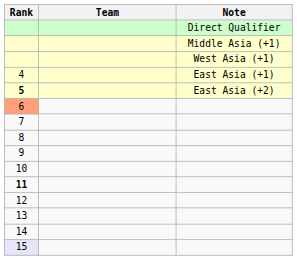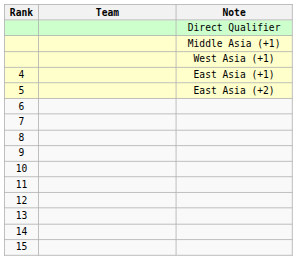 <table class="wikitable" style="text-align: center;">
 <tr>
 <th width=40>Rank</th>
 <th width=180>Team</th>
 <th width=150>Note</th>
 </tr>
 <tr bgcolor="#ccffcc">
 <td></td>
 <td align="left"></td>
 <td>Direct Qualifier</td>
 </tr>
 <tr bgcolor="#ffffcc">
 <td></td>
 <td align="left"></td>
 <td>Middle Asia (+1)</td>
 </tr>
 <tr bgcolor="#ffffcc">
 <td></td>
 <td align="left"></td>
 <td>West Asia (+1)</td>
 </tr>
 <tr bgcolor="#ffffcc">
 <td>4</td>
 <td align="left"></td>
 <td>East Asia (+1)</td>
 </tr>
 <tr bgcolor="#ffffcc">
-<td><strong>5</strong></td>
+<td>5</td>
 <td align="left"></td>
 <td>East Asia (+2)</td>
 </tr>
 <tr>
-<td style="background: lightsalmon;">6</td>
+<td>6</td>
 <td align="left"></td>
 <td></td>
 </tr>
 <tr>
 <td>7</td>
 <td align="left"></td>
 <td></td>
 </tr>
 <tr>
 <td>8</td>
 <td align="left"></td>
 <td></td>
 </tr>
 <tr>
 <td>9</td>
 <td align="left"></td>
 <td></td>
 </tr>
 <tr>
 <td>10</td>
 <td align="left"></td>
 <td></td>
 </tr>
 <tr>
-<td><strong>11</strong></td>
+<td>11</td>
 <td align="left"></td>
 <td></td>
 </tr>
 <tr>
 <td>12</td>
 <td align="left"></td>
 <td></td>
 </tr>
 <tr>
 <td>13</td>
 <td align="left"></td>
 <td></td>
 </tr>
 <tr>
 <td>14</td>
 <td align="left"></td>
 <td></td>
 </tr>
 <tr>
-<td style="background: lavender;">15</td>
+<td>15</td>
 <td align="left"></td>
 </tr>
 </table>
